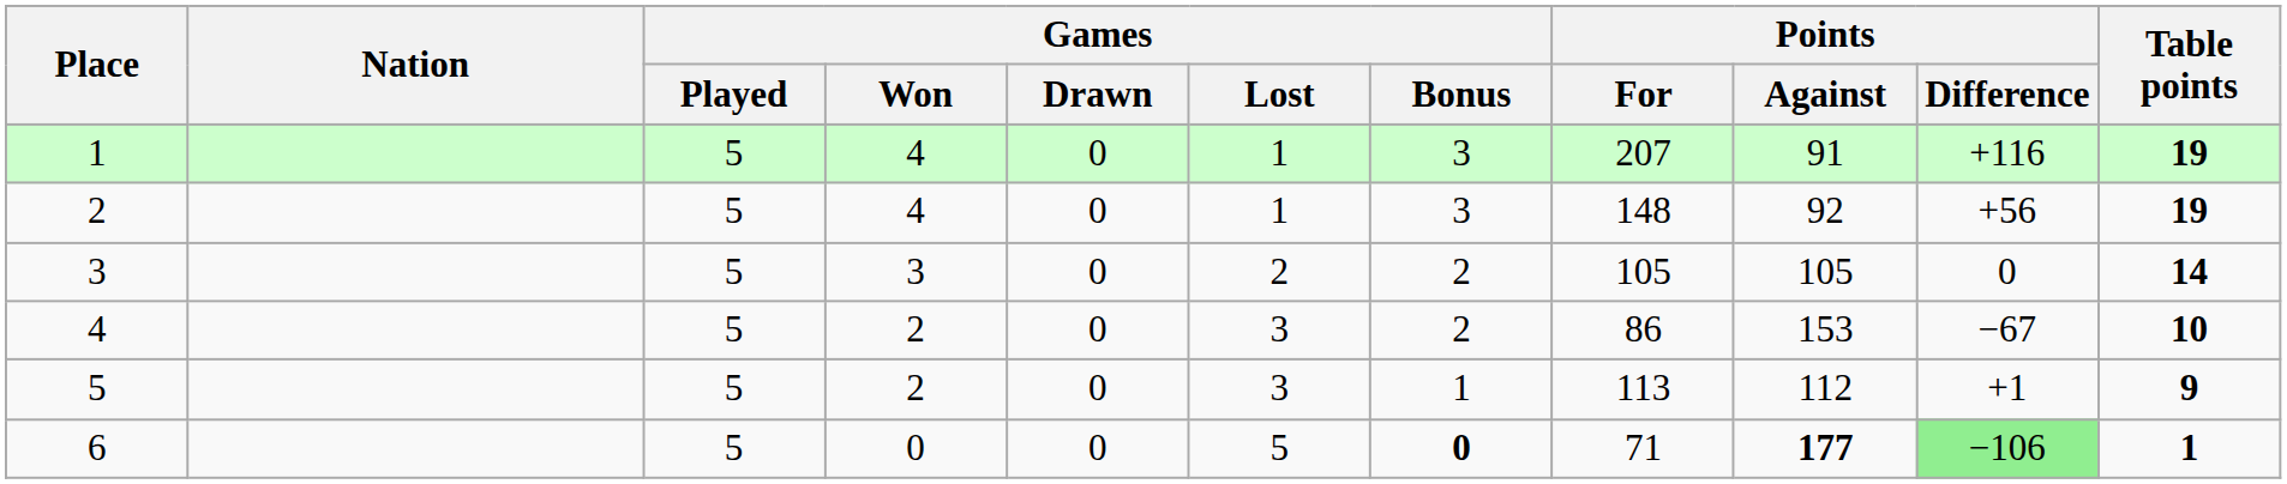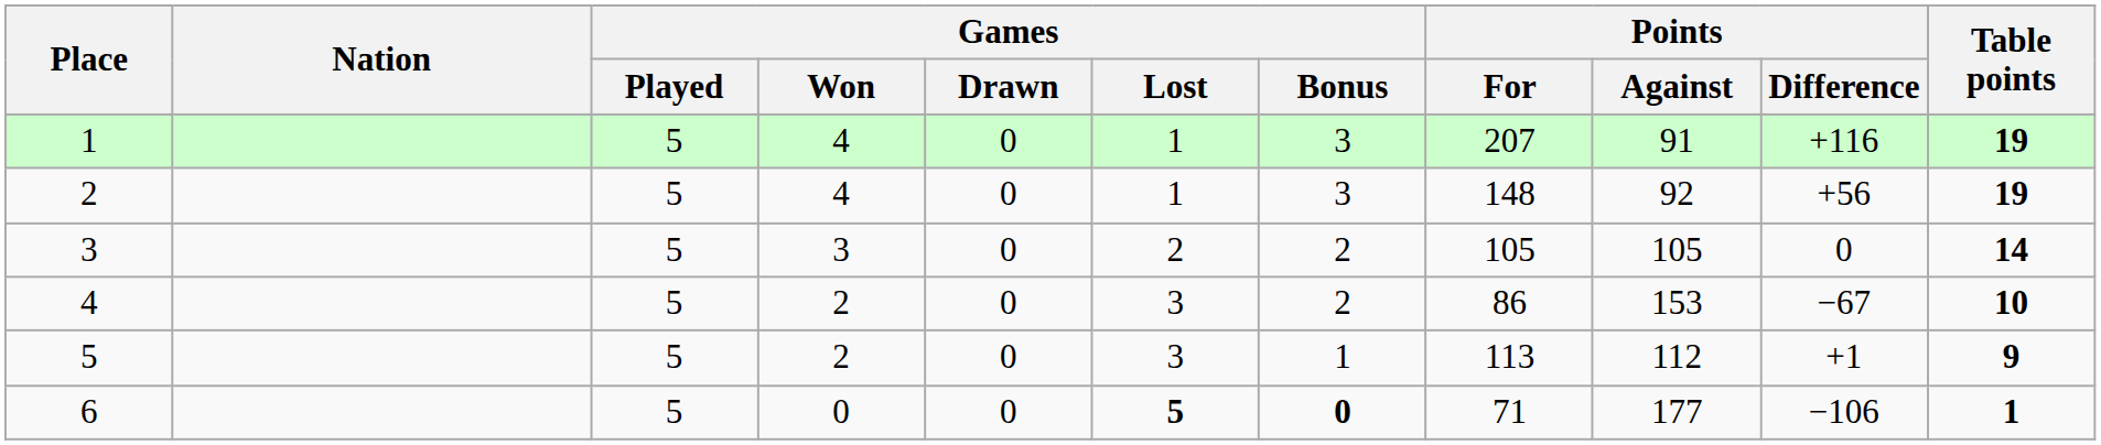 <table class="wikitable" style="text-align:center">
 <tr>
 <th rowspan=2 width="8%">Place</th>
 <th rowspan=2 width="20%">Nation</th>
 <th colspan=5 width="40%">Games</th>
 <th colspan=3 width="24%">Points</th>
 <th rowspan=2 width="10%">Table<br>points</th>
 </tr>
 <tr>
 <th width="8%">Played</th>
 <th width="8%">Won</th>
 <th width="8%">Drawn</th>
 <th width="8%">Lost</th>
 <th width="8%">Bonus</th>
 <th width="8%">For</th>
 <th width="8%">Against</th>
 <th width="8%">Difference</th>
 </tr>
 <tr bgcolor="#ccffcc">
 <td>1</td>
 <td align=left></td>
 <td>5</td>
 <td>4</td>
 <td>0</td>
 <td>1</td>
 <td>3</td>
 <td>207</td>
 <td>91</td>
 <td>+116</td>
 <td><strong>19</strong></td>
 </tr>
 <tr>
 <td>2</td>
 <td align=left></td>
 <td>5</td>
 <td>4</td>
 <td>0</td>
 <td>1</td>
 <td>3</td>
 <td>148</td>
 <td>92</td>
 <td>+56</td>
 <td><strong>19</strong></td>
 </tr>
 <tr>
 <td>3</td>
 <td align=left></td>
 <td>5</td>
 <td>3</td>
 <td>0</td>
 <td>2</td>
 <td>2</td>
 <td>105</td>
 <td>105</td>
 <td>0</td>
 <td><strong>14</strong></td>
 </tr>
 <tr>
 <td>4</td>
 <td align=left></td>
 <td>5</td>
 <td>2</td>
 <td>0</td>
 <td>3</td>
 <td>2</td>
 <td>86</td>
 <td>153</td>
 <td>−67</td>
 <td><strong>10</strong></td>
 </tr>
 <tr>
 <td>5</td>
 <td align=left></td>
 <td>5</td>
 <td>2</td>
 <td>0</td>
 <td>3</td>
 <td>1</td>
 <td>113</td>
 <td>112</td>
 <td>+1</td>
 <td><strong>9</strong></td>
 </tr>
 <tr>
 <td>6</td>
 <td align=left></td>
 <td>5</td>
 <td>0</td>
 <td>0</td>
-<td>5</td>
+<td><strong>5</strong></td>
 <td><strong>0</strong></td>
 <td>71</td>
-<td><strong>177</strong></td>
-<td style="background: lightgreen;">−106</td>
+<td>177</td>
+<td>−106</td>
 <td><strong>1</strong></td>
 </tr>
 </table>
